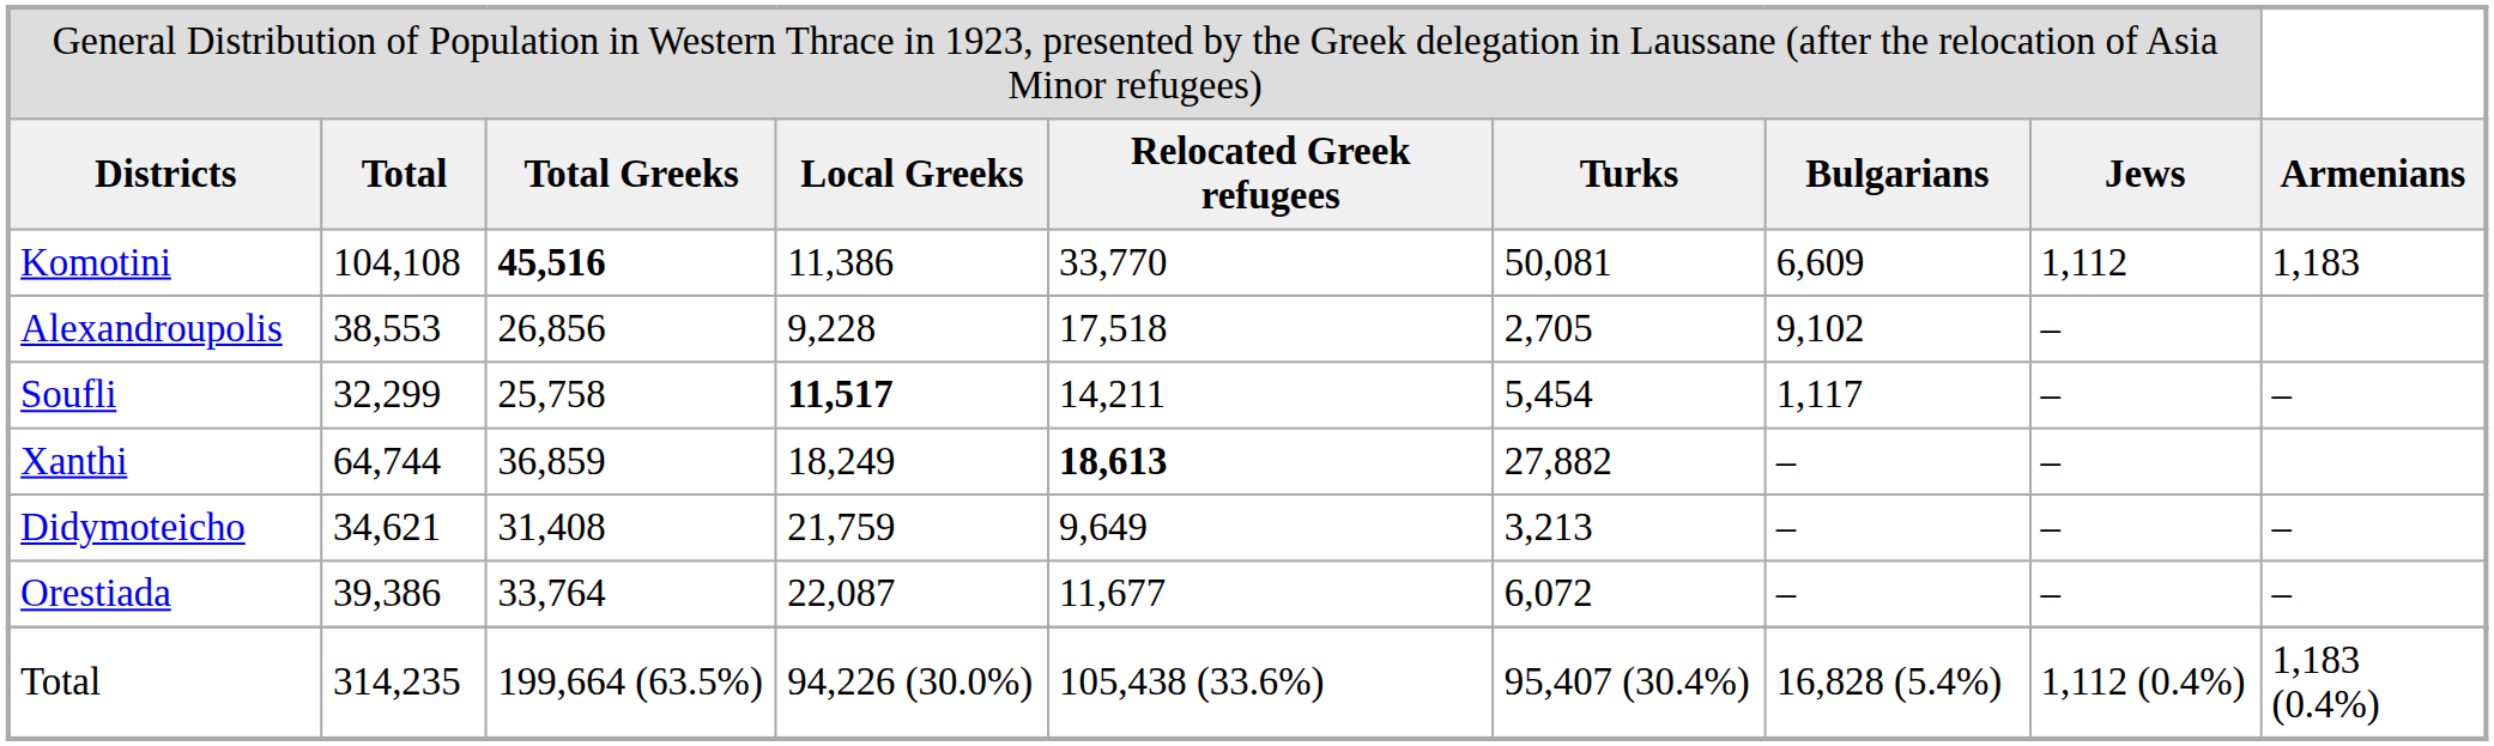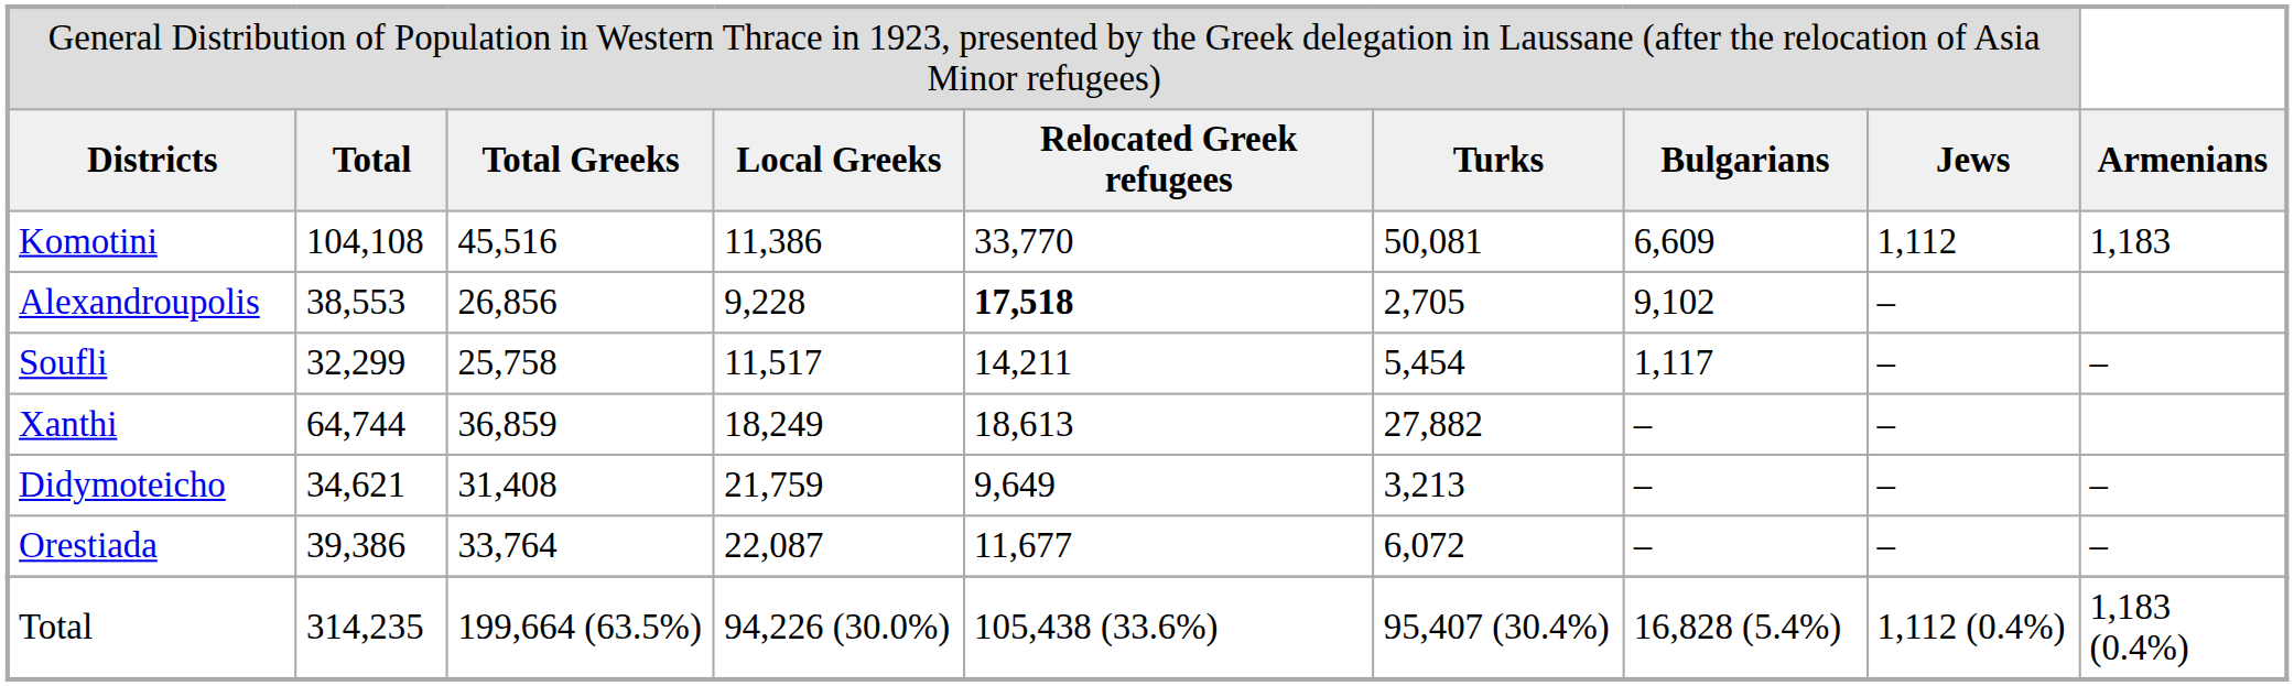 <table cellpadding="4" cellspacing="0" width=80% align="center" rules="all" style="margin: 1em; background: #ffffff; border: 2px solid #aaa; font-size: 100%;">
 <tr bgcolor=#DDDDDD>
 <td colspan=8 align="center">General Distribution of Population in Western Thrace in 1923, presented by the Greek delegation in Laussane (after the relocation of Asia Minor refugees)</td>
 </tr>
 <tr bgcolor=#f0f0f0 align="center">
 <th>Districts</th>
 <th>Total</th>
 <th>Total Greeks</th>
 <th>Local Greeks</th>
 <th>Relocated Greek refugees</th>
 <th>Turks</th>
 <th>Bulgarians</th>
 <th>Jews</th>
 <th>Armenians</th>
 </tr>
 <tr>
 <td><a href='#'>Komotini</a></td>
 <td>104,108</td>
-<td><strong>45,516</strong></td>
+<td>45,516</td>
 <td>11,386</td>
 <td>33,770</td>
 <td>50,081</td>
 <td>6,609</td>
 <td>1,112</td>
 <td>1,183</td>
 </tr>
 <tr>
 <td><a href='#'>Alexandroupolis</a></td>
 <td>38,553</td>
 <td>26,856</td>
 <td>9,228</td>
-<td>17,518</td>
+<td><strong>17,518</strong></td>
 <td>2,705</td>
 <td>9,102</td>
 <td>–</td>
 <td></td>
 </tr>
 <tr>
 <td><a href='#'>Soufli</a></td>
 <td>32,299</td>
 <td>25,758</td>
-<td><strong>11,517</strong></td>
+<td>11,517</td>
 <td>14,211</td>
 <td>5,454</td>
 <td>1,117</td>
 <td>–</td>
 <td>–</td>
 </tr>
 <tr>
 <td><a href='#'>Xanthi</a></td>
 <td>64,744</td>
 <td>36,859</td>
 <td>18,249</td>
-<td><strong>18,613</strong></td>
+<td>18,613</td>
 <td>27,882</td>
 <td>–</td>
 <td>–</td>
 <td></td>
 </tr>
 <tr>
 <td><a href='#'>Didymoteicho</a></td>
 <td>34,621</td>
 <td>31,408</td>
 <td>21,759</td>
 <td>9,649</td>
 <td>3,213</td>
 <td>–</td>
 <td>–</td>
 <td>–</td>
 </tr>
 <tr>
 <td><a href='#'>Orestiada</a></td>
 <td>39,386</td>
 <td>33,764</td>
 <td>22,087</td>
 <td>11,677</td>
 <td>6,072</td>
 <td>–</td>
 <td>–</td>
 <td>–</td>
 </tr>
 <tr>
 </tr>
 <tr>
 </tr>
 <tr>
 </tr>
 <tr>
 <td>Total</td>
 <td>314,235</td>
 <td>199,664 (63.5%)</td>
 <td>94,226 (30.0%)</td>
 <td>105,438 (33.6%)</td>
 <td>95,407 (30.4%)</td>
 <td>16,828 (5.4%)</td>
 <td>1,112 (0.4%)</td>
 <td>1,183 (0.4%)</td>
 </tr>
 </table>
